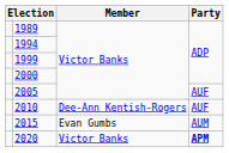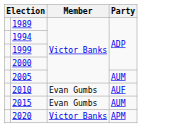 <table class="wikitable">
 <tr>
 <th colspan=2>Election</th>
 <th>Member</th>
 <th>Party</th>
 </tr>
 <tr>
 <td style="background-color: "></td>
 <td><a href='#'>1989</a></td>
 <td rowspan="5"><a href='#'>Victor Banks</a></td>
 <td rowspan="4"><a href='#'>ADP</a></td>
 </tr>
 <tr>
 <td style="background-color: "></td>
 <td><a href='#'>1994</a></td>
 </tr>
 <tr>
 <td style="background-color: "></td>
 <td><a href='#'>1999</a></td>
 </tr>
 <tr>
 <td style="background-color: "></td>
 <td><a href='#'>2000</a></td>
 </tr>
 <tr>
 <td style="background-color: "></td>
 <td><a href='#'>2005</a></td>
-<td><a href='#'>AUF</a></td>
+<td><a href='#'>AUM</a></td>
 </tr>
 <tr>
 <td style="background-color: "></td>
 <td><a href='#'>2010</a></td>
-<td><a href='#'>Dee-Ann Kentish-Rogers</a></td>
+<td>Evan Gumbs</td>
 <td><a href='#'>AUF</a></td>
 </tr>
 <tr>
 <td style="background-color: "></td>
 <td><a href='#'>2015</a></td>
 <td>Evan Gumbs</td>
 <td><a href='#'>AUM</a></td>
 </tr>
 <tr>
 <td style="background-color: "></td>
 <td><a href='#'>2020</a></td>
 <td><a href='#'>Victor Banks</a></td>
-<td><strong><a href='#'>APM</a></strong></td>
+<td><a href='#'>APM</a></td>
 </tr>
 </table>
